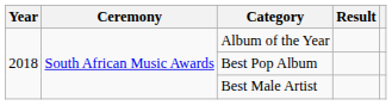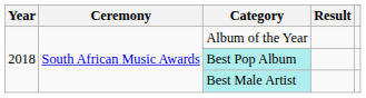 <table class="wikitable sortable plainrowheaders">
 <tr>
 <th scope="col">Year</th>
 <th scope="col">Ceremony</th>
 <th scope="col">Category</th>
 <th scope="col">Result</th>
 <th scope="col" class="unsortable"></th>
 </tr>
 <tr>
 <td rowspan="3">2018</td>
 <td rowspan="3"><a href='#'>South African Music Awards</a></td>
 <td>Album of the Year</td>
 <td></td>
 <td></td>
 </tr>
 <tr>
-<td>Best Pop Album</td>
+<td style="background: paleturquoise;">Best Pop Album</td>
 <td></td>
 <td></td>
 </tr>
 <tr>
-<td>Best Male Artist</td>
+<td style="background: paleturquoise;">Best Male Artist</td>
 <td></td>
 <td></td>
 </tr>
 </table>
